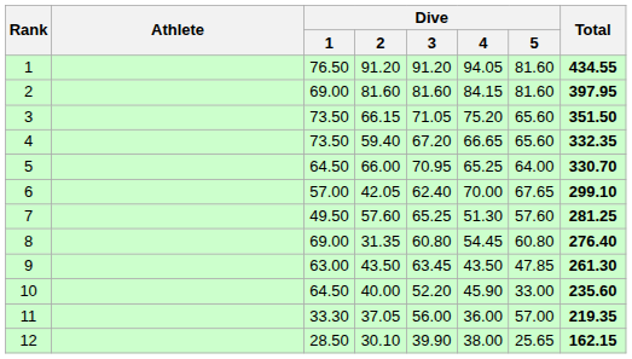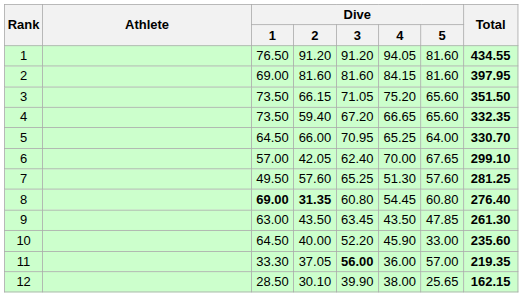 <table class=wikitable style="text-align:center">
 <tr>
 <th rowspan="2" width=40>Rank</th>
 <th rowspan="2" width=250>Athlete</th>
 <th colspan="5">Dive</th>
 <th rowspan="2" width=60>Total</th>
 </tr>
 <tr>
 <th width=45>1</th>
 <th width=45>2</th>
 <th width=45>3</th>
 <th width=45>4</th>
 <th width=45>5</th>
 </tr>
 <tr bgcolor="ccffcc">
 <td>1</td>
 <td align=left></td>
 <td>76.50</td>
 <td>91.20</td>
 <td>91.20</td>
 <td>94.05</td>
 <td>81.60</td>
 <td><strong>434.55</strong></td>
 </tr>
 <tr bgcolor="ccffcc">
 <td>2</td>
 <td align=left></td>
 <td>69.00</td>
 <td>81.60</td>
 <td>81.60</td>
 <td>84.15</td>
 <td>81.60</td>
 <td><strong>397.95</strong></td>
 </tr>
 <tr bgcolor="ccffcc">
 <td>3</td>
 <td align=left></td>
 <td>73.50</td>
 <td>66.15</td>
 <td>71.05</td>
 <td>75.20</td>
 <td>65.60</td>
 <td><strong>351.50</strong></td>
 </tr>
 <tr bgcolor="ccffcc">
 <td>4</td>
 <td align=left></td>
 <td>73.50</td>
 <td>59.40</td>
 <td>67.20</td>
 <td>66.65</td>
 <td>65.60</td>
 <td><strong>332.35</strong></td>
 </tr>
 <tr bgcolor="ccffcc">
 <td>5</td>
 <td align=left></td>
 <td>64.50</td>
 <td>66.00</td>
 <td>70.95</td>
 <td>65.25</td>
 <td>64.00</td>
 <td><strong>330.70</strong></td>
 </tr>
 <tr bgcolor="ccffcc">
 <td>6</td>
 <td align=left></td>
 <td>57.00</td>
 <td>42.05</td>
 <td>62.40</td>
 <td>70.00</td>
 <td>67.65</td>
 <td><strong>299.10</strong></td>
 </tr>
 <tr bgcolor="ccffcc">
 <td>7</td>
 <td align=left></td>
 <td>49.50</td>
 <td>57.60</td>
 <td>65.25</td>
 <td>51.30</td>
 <td>57.60</td>
 <td><strong>281.25</strong></td>
 </tr>
 <tr bgcolor="ccffcc">
 <td>8</td>
 <td align=left></td>
-<td>69.00</td>
-<td>31.35</td>
+<td><strong>69.00</strong></td>
+<td><strong>31.35</strong></td>
 <td>60.80</td>
 <td>54.45</td>
 <td>60.80</td>
 <td><strong>276.40</strong></td>
 </tr>
 <tr bgcolor="ccffcc">
 <td>9</td>
 <td align=left></td>
 <td>63.00</td>
 <td>43.50</td>
 <td>63.45</td>
 <td>43.50</td>
 <td>47.85</td>
 <td><strong>261.30</strong></td>
 </tr>
 <tr bgcolor="ccffcc">
 <td>10</td>
 <td align=left></td>
 <td>64.50</td>
 <td>40.00</td>
 <td>52.20</td>
 <td>45.90</td>
 <td>33.00</td>
 <td><strong>235.60</strong></td>
 </tr>
 <tr bgcolor="ccffcc">
 <td>11</td>
 <td align=left></td>
 <td>33.30</td>
 <td>37.05</td>
-<td>56.00</td>
+<td><strong>56.00</strong></td>
 <td>36.00</td>
 <td>57.00</td>
 <td><strong>219.35</strong></td>
 </tr>
 <tr bgcolor="ccffcc">
 <td>12</td>
 <td align=left></td>
 <td>28.50</td>
 <td>30.10</td>
 <td>39.90</td>
 <td>38.00</td>
 <td>25.65</td>
 <td><strong>162.15</strong></td>
 </tr>
 </table>
